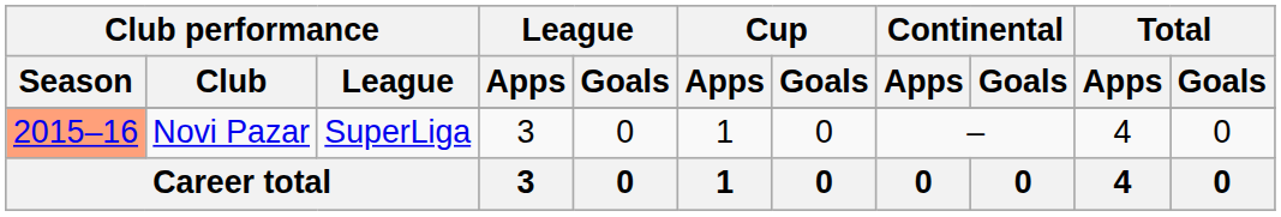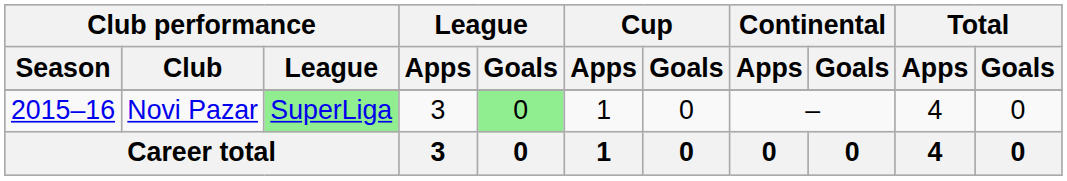 <table class="wikitable" style="text-align:center">
 <tr>
 <th colspan=3>Club performance</th>
 <th colspan=2>League</th>
 <th colspan=2>Cup</th>
 <th colspan=2>Continental</th>
 <th colspan=2>Total</th>
 </tr>
 <tr>
 <th>Season</th>
 <th>Club</th>
 <th>League</th>
 <th>Apps</th>
 <th>Goals</th>
 <th>Apps</th>
 <th>Goals</th>
 <th>Apps</th>
 <th>Goals</th>
 <th>Apps</th>
 <th>Goals</th>
 </tr>
 <tr>
 </tr>
 <tr>
-<td style="background: lightsalmon;"><a href='#'>2015–16</a></td>
+<td><a href='#'>2015–16</a></td>
 <td><a href='#'>Novi Pazar</a></td>
-<td><a href='#'>SuperLiga</a></td>
+<td style="background: lightgreen;"><a href='#'>SuperLiga</a></td>
 <td>3</td>
-<td>0</td>
+<td style="background: lightgreen;">0</td>
 <td>1</td>
 <td>0</td>
 <td colspan="2">–</td>
 <td>4</td>
 <td>0</td>
 </tr>
 <tr>
 <th colspan=3>Career total</th>
 <th>3</th>
 <th>0</th>
 <th>1</th>
 <th>0</th>
 <th>0</th>
 <th>0</th>
 <th>4</th>
 <th>0</th>
 </tr>
 </table>
